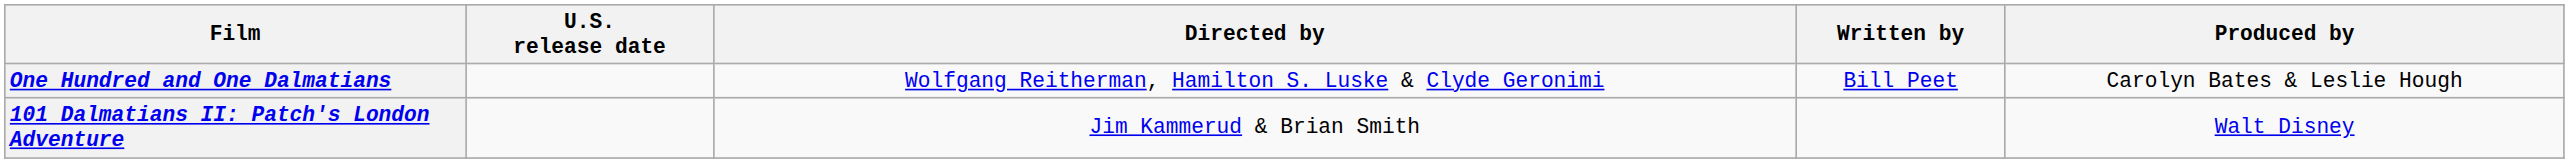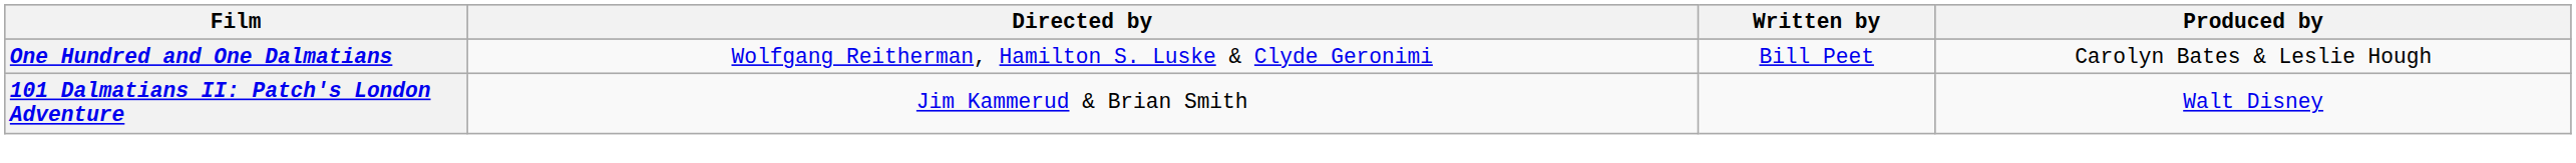 <table class="wikitable" style="text-align:center; width=99%">
 <tr>
 <th scope="col" style="width:18%;">Film</th>
-<th scope="col">U.S. <br>release date</th>
 <th scope="col">Directed by</th>
 <th scope="col">Written by</th>
 <th scope="col">Produced by</th>
 </tr>
 <tr>
 <th scope="row" style="text-align:left"><em><a href='#'>One Hundred and One Dalmatians</a></em></th>
-<td style="text-align:center"></td>
 <td><a href='#'>Wolfgang Reitherman</a>, <a href='#'>Hamilton S. Luske</a> & <a href='#'>Clyde Geronimi</a></td>
 <td><a href='#'>Bill Peet</a></td>
 <td>Carolyn Bates & Leslie Hough</td>
 </tr>
 <tr>
 <th scope="row" style="text-align:left"><em><a href='#'>101 Dalmatians II: Patch's London Adventure</a></em></th>
-<td style="text-align:center"></td>
 <td><a href='#'>Jim Kammerud</a> & Brian Smith</td>
 <td></td>
 <td><a href='#'>Walt Disney</a></td>
 </tr>
 </table>
